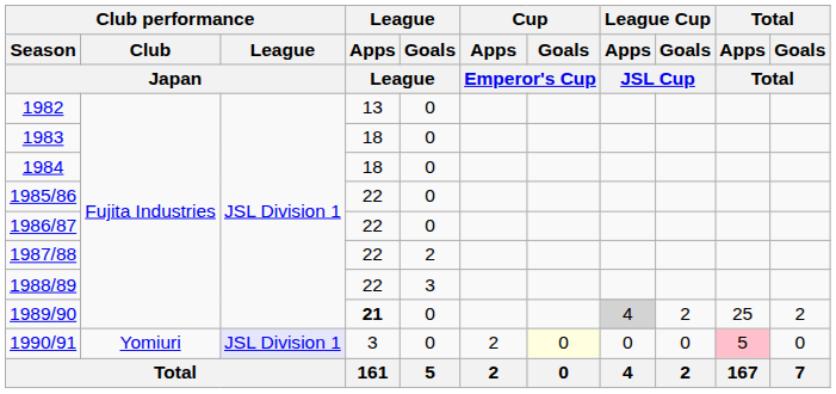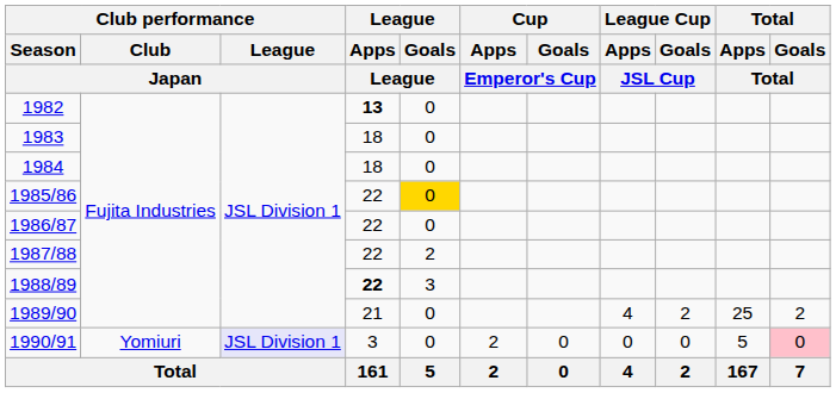 <table class="wikitable" style="text-align:center;">
 <tr>
 <th colspan=3>Club performance</th>
 <th colspan=2>League</th>
 <th colspan=2>Cup</th>
 <th colspan=2>League Cup</th>
 <th colspan=2>Total</th>
 </tr>
 <tr>
 <th>Season</th>
 <th>Club</th>
 <th>League</th>
 <th>Apps</th>
 <th>Goals</th>
 <th>Apps</th>
 <th>Goals</th>
 <th>Apps</th>
 <th>Goals</th>
 <th>Apps</th>
 <th>Goals</th>
 </tr>
 <tr>
 <th colspan=3>Japan</th>
 <th colspan=2>League</th>
 <th colspan=2><a href='#'>Emperor's Cup</a></th>
 <th colspan=2><a href='#'>JSL Cup</a></th>
 <th colspan=2>Total</th>
 </tr>
 <tr>
 <td><a href='#'>1982</a></td>
 <td rowspan="8"><a href='#'>Fujita Industries</a></td>
 <td rowspan="8"><a href='#'>JSL Division 1</a></td>
-<td>13</td>
+<td><strong>13</strong></td>
 <td>0</td>
 <td></td>
 <td></td>
 <td></td>
 <td></td>
 <td></td>
 <td></td>
 </tr>
 <tr>
 <td><a href='#'>1983</a></td>
 <td>18</td>
 <td>0</td>
 <td></td>
 <td></td>
 <td></td>
 <td></td>
 <td></td>
 <td></td>
 </tr>
 <tr>
 <td><a href='#'>1984</a></td>
 <td>18</td>
 <td>0</td>
 <td></td>
 <td></td>
 <td></td>
 <td></td>
 <td></td>
 <td></td>
 </tr>
 <tr>
 <td><a href='#'>1985/86</a></td>
 <td>22</td>
-<td>0</td>
+<td style="background: gold;">0</td>
 <td></td>
 <td></td>
 <td></td>
 <td></td>
 <td></td>
 <td></td>
 </tr>
 <tr>
 <td><a href='#'>1986/87</a></td>
 <td>22</td>
 <td>0</td>
 <td></td>
 <td></td>
 <td></td>
 <td></td>
 <td></td>
 <td></td>
 </tr>
 <tr>
 <td><a href='#'>1987/88</a></td>
 <td>22</td>
 <td>2</td>
 <td></td>
 <td></td>
 <td></td>
 <td></td>
 <td></td>
 <td></td>
 </tr>
 <tr>
 <td><a href='#'>1988/89</a></td>
-<td>22</td>
+<td><strong>22</strong></td>
 <td>3</td>
 <td></td>
 <td></td>
 <td></td>
 <td></td>
 <td></td>
 <td></td>
 </tr>
 <tr>
 <td><a href='#'>1989/90</a></td>
-<td><strong>21</strong></td>
+<td>21</td>
 <td>0</td>
 <td></td>
 <td></td>
-<td style="background: lightgrey;">4</td>
+<td>4</td>
 <td>2</td>
 <td>25</td>
 <td>2</td>
 </tr>
 <tr>
 <td><a href='#'>1990/91</a></td>
 <td><a href='#'>Yomiuri</a></td>
 <td style="background: lavender;"><a href='#'>JSL Division 1</a></td>
 <td>3</td>
 <td>0</td>
 <td>2</td>
-<td style="background: lightyellow;">0</td>
 <td>0</td>
 <td>0</td>
-<td style="background: pink;">5</td>
 <td>0</td>
+<td>5</td>
+<td style="background: pink;">0</td>
 </tr>
 <tr>
 <th colspan=3>Total</th>
 <th>161</th>
 <th>5</th>
 <th>2</th>
 <th>0</th>
 <th>4</th>
 <th>2</th>
 <th>167</th>
 <th>7</th>
 </tr>
 </table>
